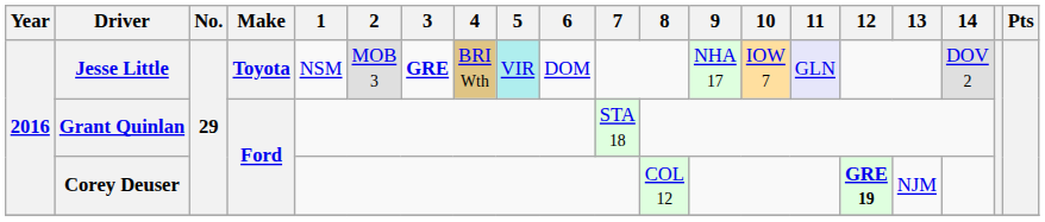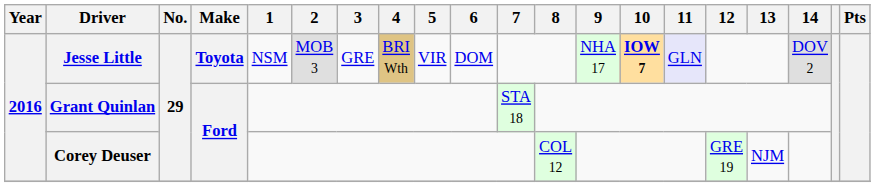 <table class="wikitable" style="text-align:center; font-size:75%">
 <tr>
 <th>Year</th>
 <th>Driver</th>
 <th>No.</th>
 <th>Make</th>
 <th>1</th>
 <th>2</th>
 <th>3</th>
 <th>4</th>
 <th>5</th>
 <th>6</th>
 <th>7</th>
 <th>8</th>
 <th>9</th>
 <th>10</th>
 <th>11</th>
 <th>12</th>
 <th>13</th>
 <th>14</th>
 <th></th>
 <th>Pts</th>
 </tr>
 <tr>
 <th rowspan=3><a href='#'>2016</a></th>
 <th><a href='#'>Jesse Little</a></th>
 <th rowspan=3>29</th>
 <th><a href='#'>Toyota</a></th>
 <td><a href='#'>NSM</a></td>
 <td style="background:#DFDFDF;"><a href='#'>MOB</a><br><small>3</small></td>
-<td><strong><a href='#'>GRE</a></strong></td>
+<td><a href='#'>GRE</a></td>
 <td style="background:#DFC484;"><a href='#'>BRI</a><br><small>Wth</small></td>
-<td style="background: paleturquoise;"><a href='#'>VIR</a></td>
+<td><a href='#'>VIR</a></td>
 <td><a href='#'>DOM</a></td>
 <td colspan=2></td>
 <td style="background:#DFFFDF;"><a href='#'>NHA</a><br><small>17</small></td>
-<td style="background:#FFDF9F;"><a href='#'>IOW</a><br><small>7</small></td>
+<td style="background:#FFDF9F;"><strong><a href='#'>IOW</a><br><small>7</small></strong></td>
 <td style="background: lavender;"><a href='#'>GLN</a></td>
 <td colspan=2></td>
 <td style="background:#DFDFDF;"><a href='#'>DOV</a><br><small>2</small></td>
 <th rowspan=3></th>
 <th rowspan=3></th>
 </tr>
 <tr>
 <th><a href='#'>Grant Quinlan</a></th>
 <th rowspan=2><a href='#'>Ford</a></th>
 <td colspan=6></td>
 <td style="background:#DFFFDF;"><a href='#'>STA</a><br><small>18</small></td>
 <td colspan=7></td>
 </tr>
 <tr>
 <th>Corey Deuser</th>
 <td colspan=7></td>
 <td style="background:#DFFFDF;"><a href='#'>COL</a><br><small>12</small></td>
 <td colspan=3></td>
-<td style="background:#DFFFDF;"><strong><a href='#'>GRE</a><br><small>19</small></strong></td>
+<td style="background:#DFFFDF;"><a href='#'>GRE</a><br><small>19</small></td>
 <td><a href='#'>NJM</a></td>
 <td></td>
 </tr>
 <tr>
 </tr>
 </table>
